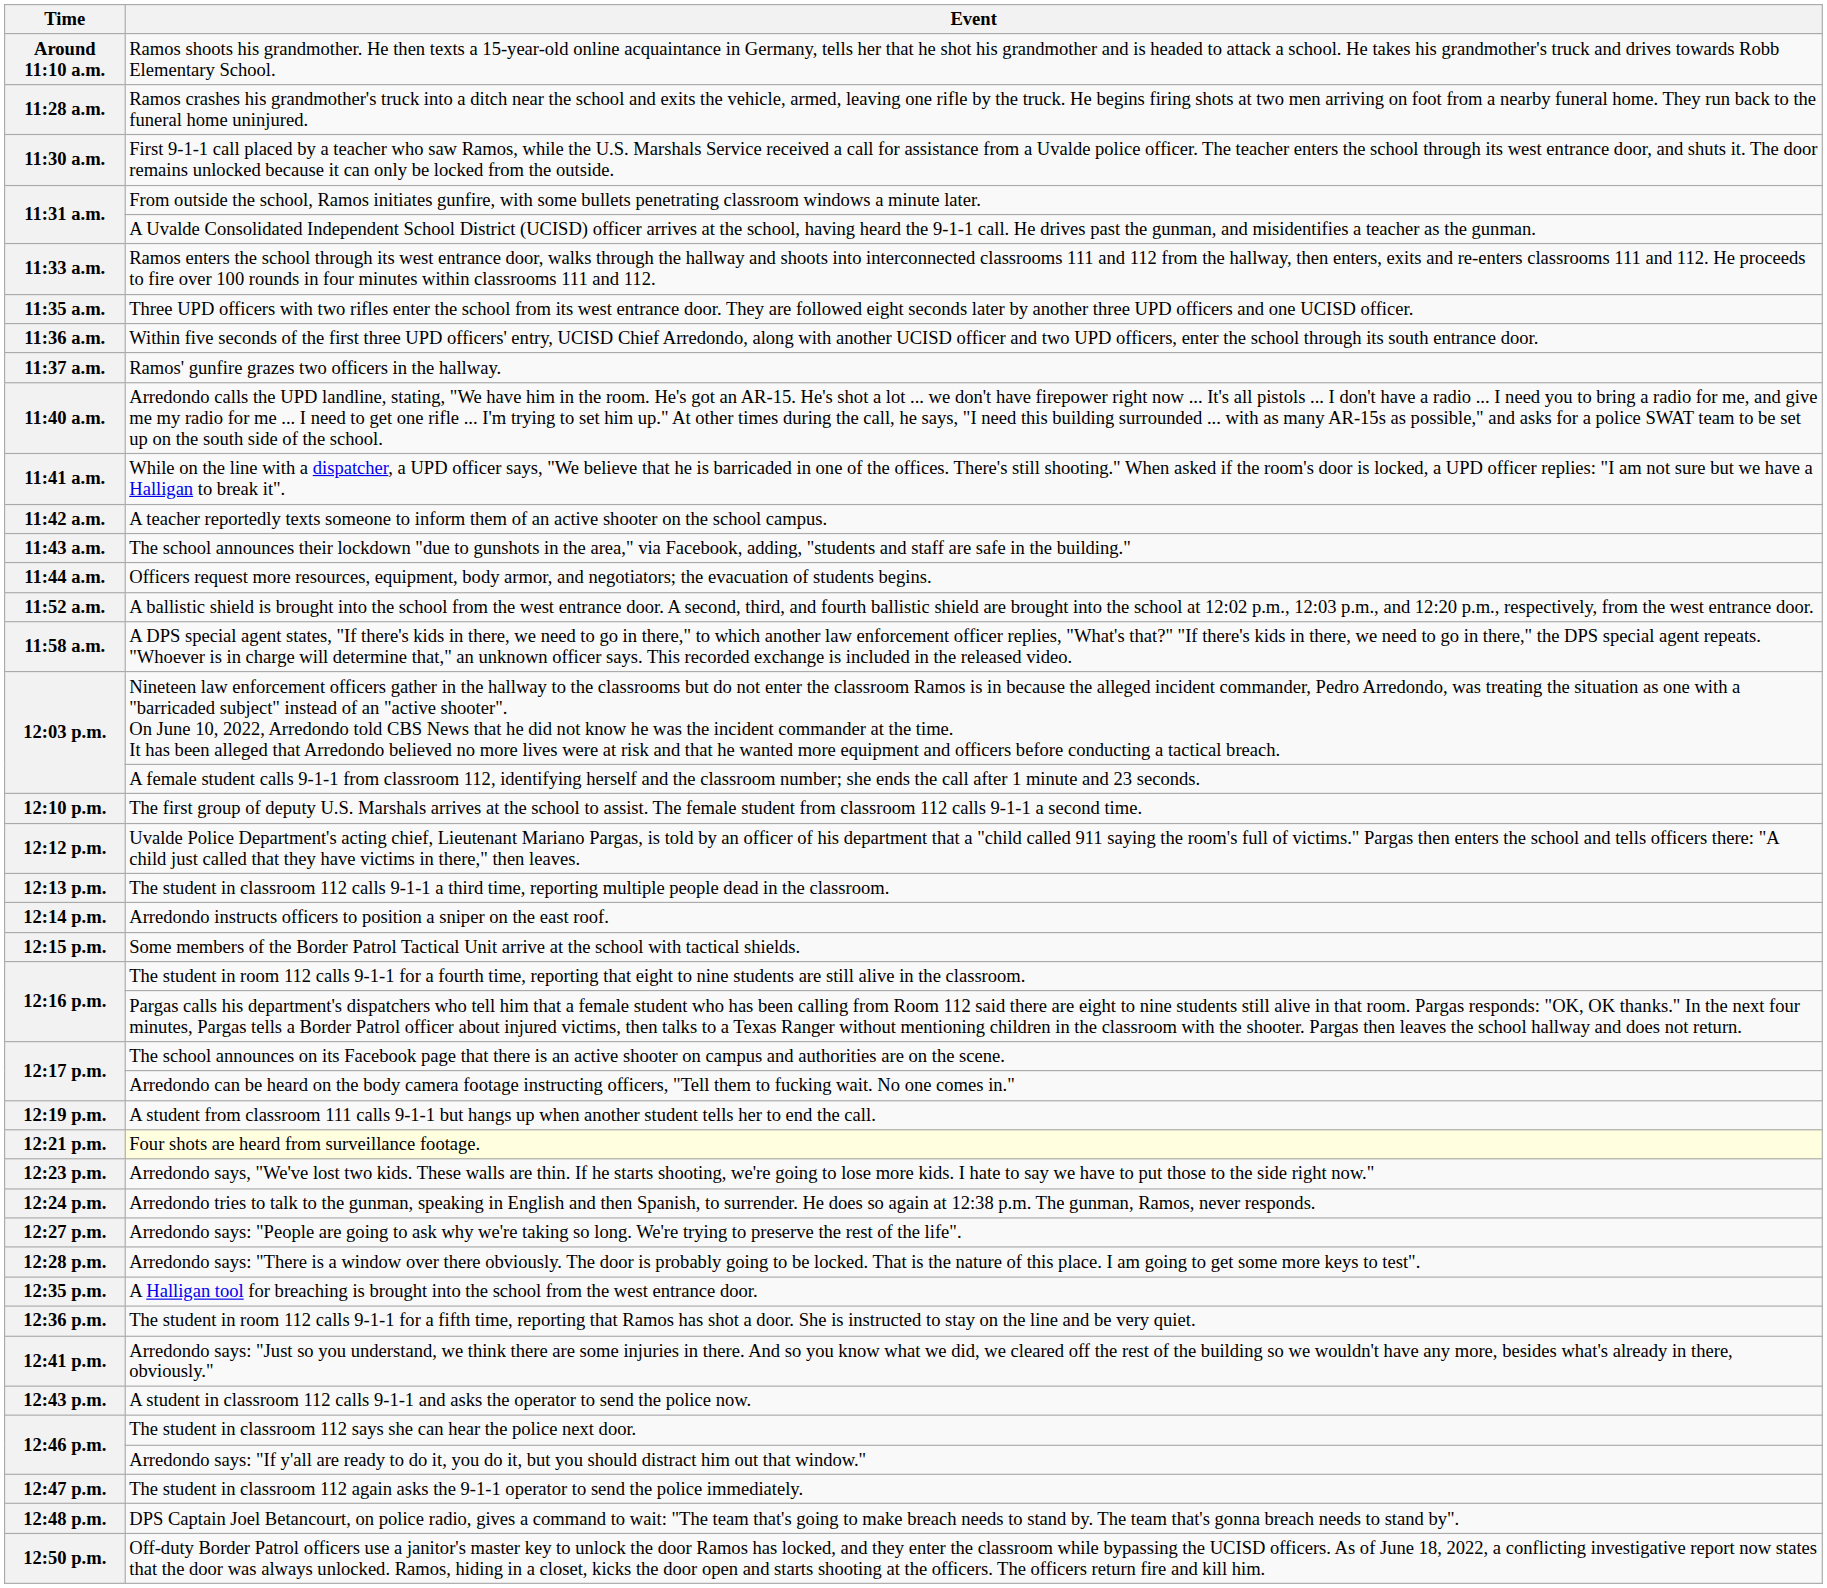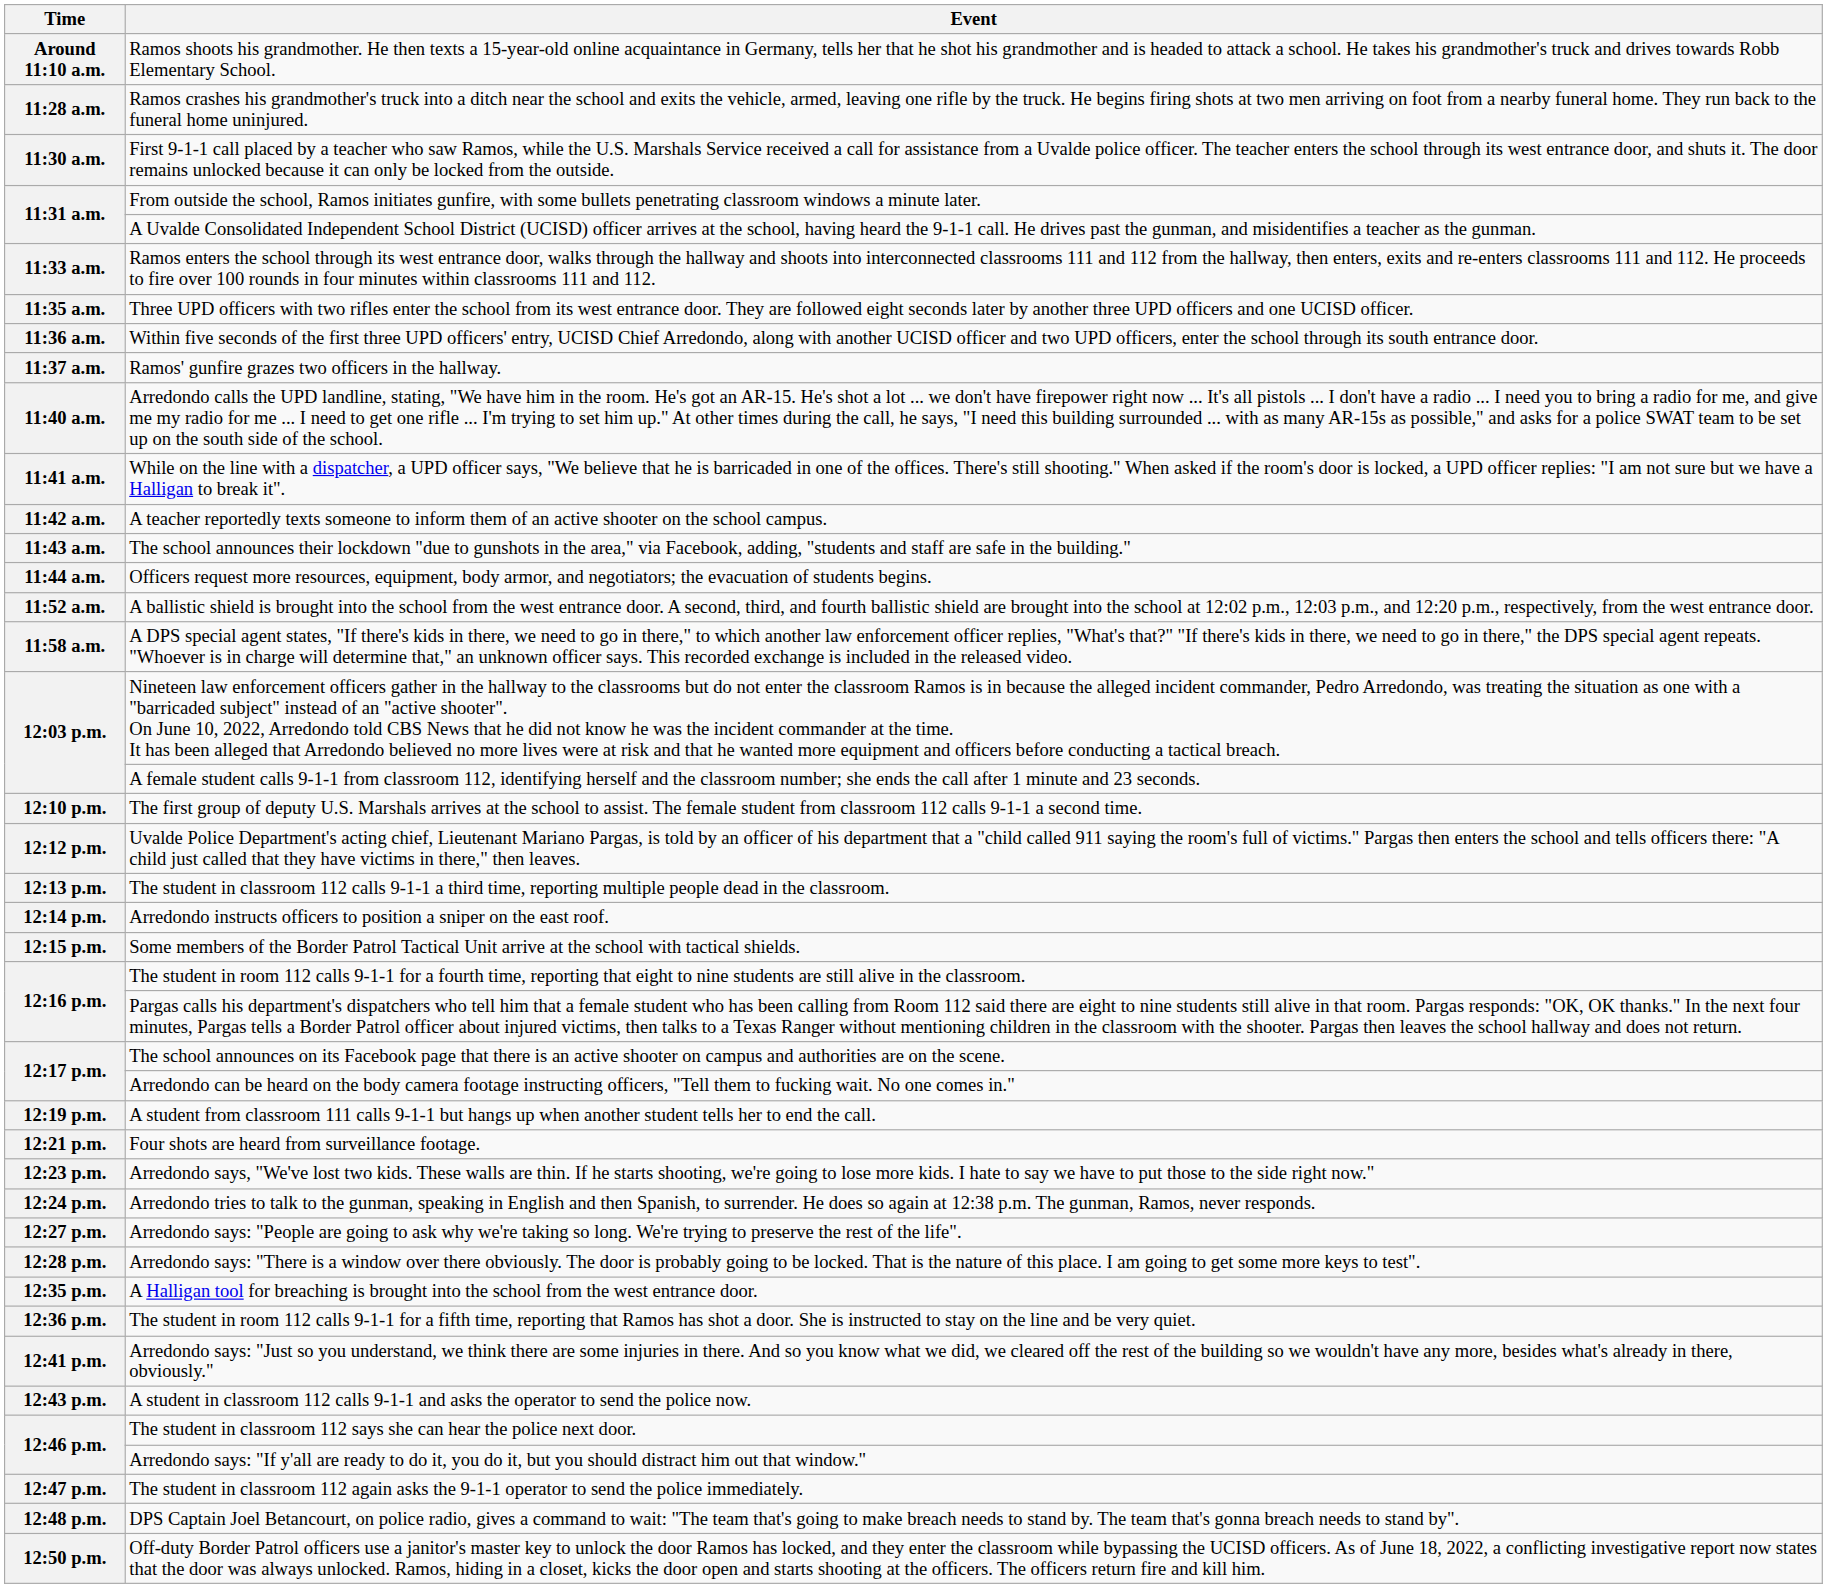 <table class="wikitable mw-collapsible plainrowheaders">
 <tr>
 <th scope="col">Time</th>
 <th scope="col">Event</th>
 </tr>
 <tr>
 <th scope="row">Around 11:10 a.m.</th>
 <td>Ramos shoots his grandmother.  He then texts a 15-year-old online acquaintance in Germany, tells her that he shot his grandmother and is headed to attack a school. He takes his grandmother's truck and drives towards Robb Elementary School.</td>
 </tr>
 <tr>
 <th scope="row">11:28 a.m.</th>
 <td>Ramos crashes his grandmother's truck into a ditch near the school and exits the vehicle, armed, leaving one rifle by the truck. He begins firing shots at two men arriving on foot from a nearby funeral home. They run back to the funeral home uninjured.</td>
 </tr>
 <tr>
 <th scope="row">11:30 a.m.</th>
 <td>First 9-1-1 call placed by a teacher who saw Ramos, while the U.S. Marshals Service received a call for assistance from a Uvalde police officer. The teacher enters the school through its west entrance door, and shuts it. The door remains unlocked because it can only be locked from the outside.</td>
 </tr>
 <tr>
 <th scope="row" rowspan="2">11:31 a.m.</th>
 <td>From outside the school, Ramos initiates gunfire, with some bullets penetrating classroom windows a minute later.</td>
 </tr>
 <tr>
 <td>A Uvalde Consolidated Independent School District (UCISD) officer arrives at the school, having heard the 9-1-1 call. He drives past the gunman, and misidentifies a teacher as the gunman.</td>
 </tr>
 <tr>
 <th scope="row">11:33 a.m.</th>
 <td>Ramos enters the school through its west entrance door, walks through the hallway and shoots into interconnected classrooms 111 and 112 from the hallway, then enters, exits and re-enters classrooms 111 and 112. He proceeds to fire over 100 rounds in four minutes within classrooms 111 and 112.</td>
 </tr>
 <tr>
 <th scope="row">11:35 a.m.</th>
 <td>Three UPD officers with two rifles enter the school from its west entrance door. They are followed eight seconds later by another three UPD officers and one UCISD officer.</td>
 </tr>
 <tr>
 <th scope="row">11:36 a.m.</th>
 <td>Within five seconds of the first three UPD officers' entry, UCISD Chief Arredondo, along with another UCISD officer and two UPD officers, enter the school through its south entrance door.</td>
 </tr>
 <tr>
 <th scope="row">11:37 a.m.</th>
 <td>Ramos' gunfire grazes two officers in the hallway.</td>
 </tr>
 <tr>
 <th scope="row">11:40 a.m.</th>
 <td>Arredondo calls the UPD landline, stating, "We have him in the room. He's got an AR-15. He's shot a lot ... we don't have firepower right now ... It's all pistols ... I don't have a radio ... I need you to bring a radio for me, and give me my radio for me ... I need to get one rifle ... I'm trying to set him up." At other times during the call, he says, "I need this building surrounded ... with as many AR-15s as possible," and asks for a police SWAT team to be set up on the south side of the school.</td>
 </tr>
 <tr>
 <th scope="row">11:41 a.m.</th>
 <td>While on the line with a <a href='#'>dispatcher</a>, a UPD officer says, "We believe that he is barricaded in one of the offices. There's still shooting."  When asked if the room's door is locked, a UPD officer replies: "I am not sure but we have a <a href='#'>Halligan</a> to break it".</td>
 </tr>
 <tr>
 <th scope="row">11:42 a.m.</th>
 <td>A teacher reportedly texts someone to inform them of an active shooter on the school campus.</td>
 </tr>
 <tr>
 <th scope="row">11:43 a.m.</th>
 <td>The school announces their lockdown "due to gunshots in the area," via Facebook, adding, "students and staff are safe in the building."</td>
 </tr>
 <tr>
 <th scope="row">11:44 a.m.</th>
 <td>Officers request more resources, equipment, body armor, and negotiators; the evacuation of students begins.</td>
 </tr>
 <tr>
 <th scope="row">11:52 a.m.</th>
 <td>A ballistic shield is brought into the school from the west entrance door. A second, third, and fourth ballistic shield are brought into the school at 12:02 p.m., 12:03 p.m., and 12:20 p.m., respectively, from the west entrance door.</td>
 </tr>
 <tr>
 <th scope="row">11:58 a.m.</th>
 <td>A DPS special agent states, "If there's kids in there, we need to go in there," to which another law enforcement officer replies, "What's that?" "If there's kids in there, we need to go in there," the DPS special agent repeats. "Whoever is in charge will determine that," an unknown officer says. This recorded exchange is included in the released video.</td>
 </tr>
 <tr>
 <th scope="row" rowspan="2">12:03 p.m.</th>
 <td>Nineteen law enforcement officers gather in the hallway to the classrooms but do not enter the classroom Ramos is in because the alleged incident commander, Pedro Arredondo, was treating the situation as one with a "barricaded subject" instead of an "active shooter".<br>On June 10, 2022, Arredondo told CBS News that he did not know he was the incident commander at the time.<br>It has been alleged that Arredondo believed no more lives were at risk and that he wanted more equipment and officers before conducting a tactical breach.</td>
 </tr>
 <tr>
 <td>A female student calls 9-1-1 from classroom 112, identifying herself and the classroom number; she ends the call after 1 minute and 23 seconds.</td>
 </tr>
 <tr>
 <th scope="row">12:10 p.m.</th>
 <td>The first group of deputy U.S. Marshals arrives at the school to assist. The female student from classroom 112 calls 9-1-1 a second time.</td>
 </tr>
 <tr>
 <th scope="row">12:12 p.m.</th>
 <td>Uvalde Police Department's acting chief, Lieutenant Mariano Pargas, is told by an officer of his department that a "child called 911 saying the room's full of victims." Pargas then enters the school and tells officers there: "A child just called that they have victims in there," then leaves.</td>
 </tr>
 <tr>
 <th scope="row">12:13 p.m.</th>
 <td>The student in classroom 112 calls 9-1-1 a third time, reporting multiple people dead in the classroom.</td>
 </tr>
 <tr>
 <th scope="row">12:14 p.m.</th>
 <td>Arredondo instructs officers to position a sniper on the east roof.</td>
 </tr>
 <tr>
 <th scope="row">12:15 p.m.</th>
 <td>Some members of the Border Patrol Tactical Unit arrive at the school with tactical shields.</td>
 </tr>
 <tr>
 <th scope="row" rowspan="2">12:16 p.m.</th>
 <td>The student in room 112 calls 9-1-1 for a fourth time, reporting that eight to nine students are still alive in the classroom.</td>
 </tr>
 <tr>
 <td>Pargas calls his department's dispatchers who tell him that a female student who has been calling from Room 112 said there are eight to nine students still alive in that room. Pargas responds: "OK, OK thanks." In the next four minutes, Pargas tells a Border Patrol officer about injured victims, then talks to a Texas Ranger without mentioning children in the classroom with the shooter. Pargas then leaves the school hallway and does not return.</td>
 </tr>
 <tr>
 <th scope="row" rowspan="2">12:17 p.m.</th>
 <td>The school announces on its Facebook page that there is an active shooter on campus and authorities are on the scene.</td>
 </tr>
 <tr>
 <td>Arredondo can be heard on the body camera footage instructing officers, "Tell them to fucking wait. No one comes in."</td>
 </tr>
 <tr>
 <th scope="row">12:19 p.m.</th>
 <td>A student from classroom 111 calls 9-1-1 but hangs up when another student tells her to end the call.</td>
 </tr>
 <tr>
 <th scope="row">12:21 p.m.</th>
-<td style="background: lightyellow;">Four shots are heard from surveillance footage.</td>
+<td>Four shots are heard from surveillance footage.</td>
 </tr>
 <tr>
 <th scope="row">12:23 p.m.</th>
 <td>Arredondo says, "We've lost two kids. These walls are thin. If he starts shooting, we're going to lose more kids. I hate to say we have to put those to the side right now."</td>
 </tr>
 <tr>
 <th scope="row">12:24 p.m.</th>
 <td>Arredondo tries to talk to the gunman, speaking in English and then Spanish, to surrender. He does so again at 12:38 p.m. The gunman, Ramos, never responds.</td>
 </tr>
 <tr>
 <th scope="row">12:27 p.m.</th>
 <td>Arredondo says: "People are going to ask why we're taking so long. We're trying to preserve the rest of the life".</td>
 </tr>
 <tr>
 <th scope="row">12:28 p.m.</th>
 <td>Arredondo says: "There is a window over there obviously. The door is probably going to be locked. That is the nature of this place. I am going to get some more keys to test".</td>
 </tr>
 <tr>
 <th scope="row">12:35 p.m.</th>
 <td>A <a href='#'>Halligan tool</a> for breaching is brought into the school from the west entrance door.</td>
 </tr>
 <tr>
 <th scope="row">12:36 p.m.</th>
 <td>The student in room 112 calls 9-1-1 for a fifth time, reporting that Ramos has shot a door. She is instructed to stay on the line and be very quiet.</td>
 </tr>
 <tr>
 <th scope="row">12:41 p.m.</th>
 <td>Arredondo says: "Just so you understand, we think there are some injuries in there. And so you know what we did, we cleared off the rest of the building so we wouldn't have any more, besides what's already in there, obviously."</td>
 </tr>
 <tr>
 <th scope="row">12:43 p.m.</th>
 <td>A student in classroom 112 calls 9-1-1 and asks the operator to send the police now.</td>
 </tr>
 <tr>
 <th scope="row" rowspan="2">12:46 p.m.</th>
 <td>The student in classroom 112 says she can hear the police next door.</td>
 </tr>
 <tr>
 <td>Arredondo says: "If y'all are ready to do it, you do it, but you should distract him out that window."</td>
 </tr>
 <tr>
 <th scope="row">12:47 p.m.</th>
 <td>The student in classroom 112 again asks the 9-1-1 operator to send the police immediately.</td>
 </tr>
 <tr>
 <th scope="row">12:48 p.m.</th>
 <td>DPS Captain Joel Betancourt, on police radio, gives a command to wait: "The team that's going to make breach needs to stand by. The team that's gonna breach needs to stand by".</td>
 </tr>
 <tr>
 <th scope="row">12:50 p.m.</th>
 <td>Off-duty Border Patrol officers use a janitor's master key to unlock the door Ramos has locked, and they enter the classroom while bypassing the UCISD officers. As of June 18, 2022, a conflicting investigative report now states that the door was always unlocked. Ramos, hiding in a closet, kicks the door open and starts shooting at the officers. The officers return fire and kill him.</td>
 </tr>
 </table>
